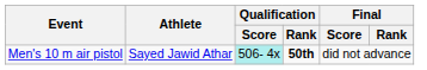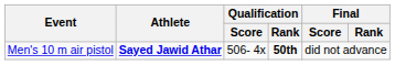 <table class="wikitable" style="font-size:90%">
 <tr>
 <th rowspan="2">Event</th>
 <th rowspan="2">Athlete</th>
 <th colspan="2">Qualification</th>
 <th colspan="2">Final</th>
 </tr>
 <tr>
 <th>Score</th>
 <th>Rank</th>
 <th>Score</th>
 <th>Rank</th>
 </tr>
 <tr>
 <td><a href='#'>Men's 10 m air pistol</a></td>
-<td><a href='#'>Sayed Jawid Athar</a></td>
-<td align=center style="background: paleturquoise;">506- 4x</td>
+<td><strong><a href='#'>Sayed Jawid Athar</a></strong></td>
+<td align=center>506- 4x</td>
 <td align=center><strong>50th</strong></td>
 <td align=center colspan=2>did not advance</td>
 </tr>
 </table>
